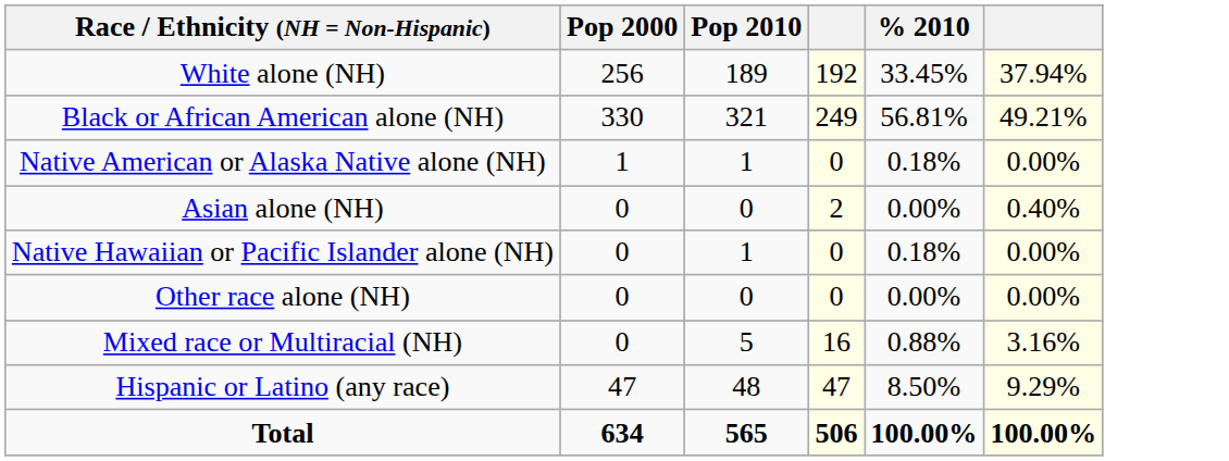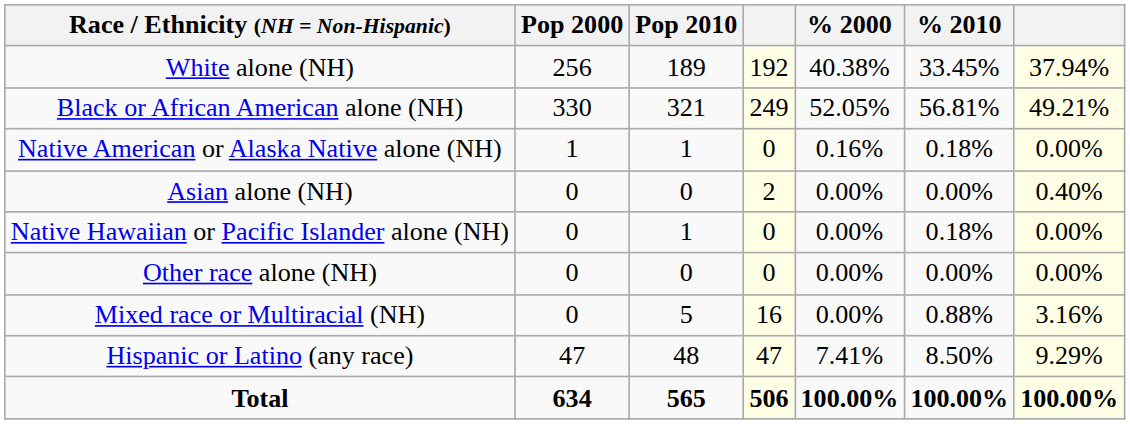 <table class="wikitable" style="text-align:center;">
 <tr>
 <th>Race / Ethnicity <small>(<em>NH = Non-Hispanic</em>)</small></th>
 <th>Pop 2000</th>
 <th>Pop 2010</th>
 <th></th>
+<th>% 2000</th>
 <th>% 2010</th>
 <th></th>
 </tr>
 <tr>
 <td><a href='#'>White</a> alone (NH)</td>
 <td>256</td>
 <td>189</td>
 <td style='background: #ffffe6;'>192</td>
+<td>40.38%</td>
 <td>33.45%</td>
 <td style='background: #ffffe6;'>37.94%</td>
 </tr>
 <tr>
 <td><a href='#'>Black or African American</a> alone (NH)</td>
 <td>330</td>
 <td>321</td>
 <td style='background: #ffffe6;'>249</td>
+<td>52.05%</td>
 <td>56.81%</td>
 <td style='background: #ffffe6;'>49.21%</td>
 </tr>
 <tr>
 <td><a href='#'>Native American</a> or <a href='#'>Alaska Native</a> alone (NH)</td>
 <td>1</td>
 <td>1</td>
 <td style='background: #ffffe6;'>0</td>
+<td>0.16%</td>
 <td>0.18%</td>
 <td style='background: #ffffe6;'>0.00%</td>
 </tr>
 <tr>
 <td><a href='#'>Asian</a> alone (NH)</td>
 <td>0</td>
 <td>0</td>
 <td style='background: #ffffe6;'>2</td>
 <td>0.00%</td>
+<td>0.00%</td>
 <td style='background: #ffffe6;'>0.40%</td>
 </tr>
 <tr>
 <td><a href='#'>Native Hawaiian</a> or <a href='#'>Pacific Islander</a> alone (NH)</td>
 <td>0</td>
 <td>1</td>
 <td style='background: #ffffe6;'>0</td>
+<td>0.00%</td>
 <td>0.18%</td>
 <td style='background: #ffffe6;'>0.00%</td>
 </tr>
 <tr>
 <td><a href='#'>Other race</a> alone (NH)</td>
 <td>0</td>
 <td>0</td>
 <td style='background: #ffffe6;'>0</td>
 <td>0.00%</td>
+<td>0.00%</td>
 <td style='background: #ffffe6;'>0.00%</td>
 </tr>
 <tr>
 <td><a href='#'>Mixed race or Multiracial</a> (NH)</td>
 <td>0</td>
 <td>5</td>
 <td style='background: #ffffe6;'>16</td>
+<td>0.00%</td>
 <td>0.88%</td>
 <td style='background: #ffffe6;'>3.16%</td>
 </tr>
 <tr>
 <td><a href='#'>Hispanic or Latino</a> (any race)</td>
 <td>47</td>
 <td>48</td>
 <td style='background: #ffffe6;'>47</td>
+<td>7.41%</td>
 <td>8.50%</td>
 <td style='background: #ffffe6;'>9.29%</td>
 </tr>
 <tr>
 <td><strong>Total</strong></td>
 <td><strong>634</strong></td>
 <td><strong>565</strong></td>
 <td style='background: #ffffe6;'><strong>506</strong></td>
 <td><strong>100.00%</strong></td>
+<td><strong>100.00%</strong></td>
 <td style='background: #ffffe6;'><strong>100.00%</strong></td>
 </tr>
 </table>
